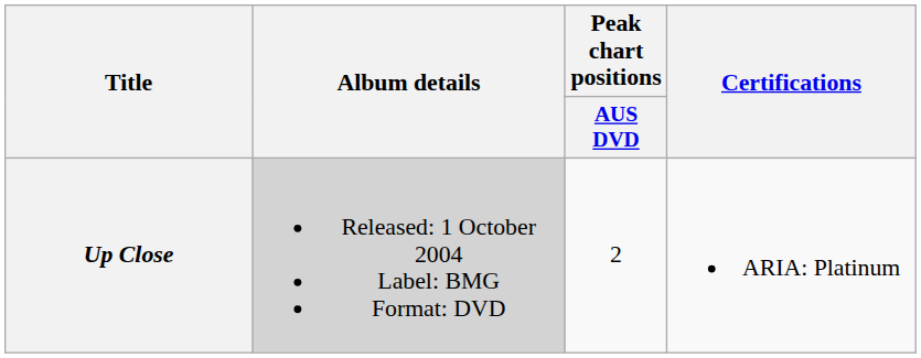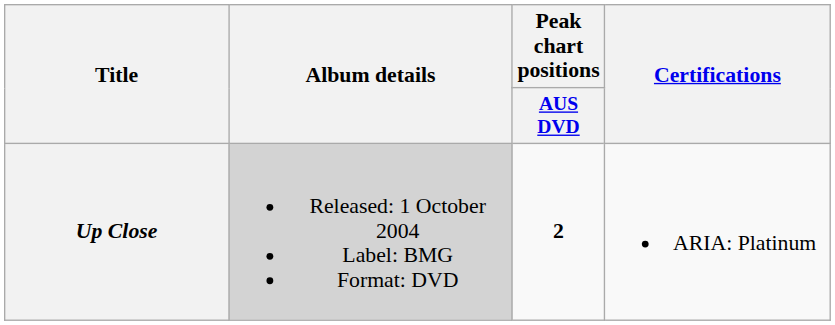 <table class="wikitable plainrowheaders" style="text-align:center;">
 <tr>
 <th scope="col" rowspan="2" style="width:14em;">Title</th>
 <th scope="col" rowspan="2" style="width:16em;">Album details</th>
 <th scope="col" colspan="1">Peak chart positions</th>
 <th scope="col" rowspan="2" style="width:12em;"><a href='#'>Certifications</a></th>
 </tr>
 <tr>
 <th scope="col" style="width:3em;font-size:90%;"><a href='#'>AUS<br>DVD</a><br></th>
 </tr>
 <tr>
 <th scope="row"><em>Up Close</em></th>
 <td style="background: lightgrey;"><br><ul><li>Released: 1 October 2004</li><li>Label: BMG</li><li>Format: DVD</li></ul></td>
-<td>2</td>
+<td><strong>2</strong></td>
 <td><br><ul><li>ARIA: Platinum</li></ul></td>
 </tr>
 </table>
